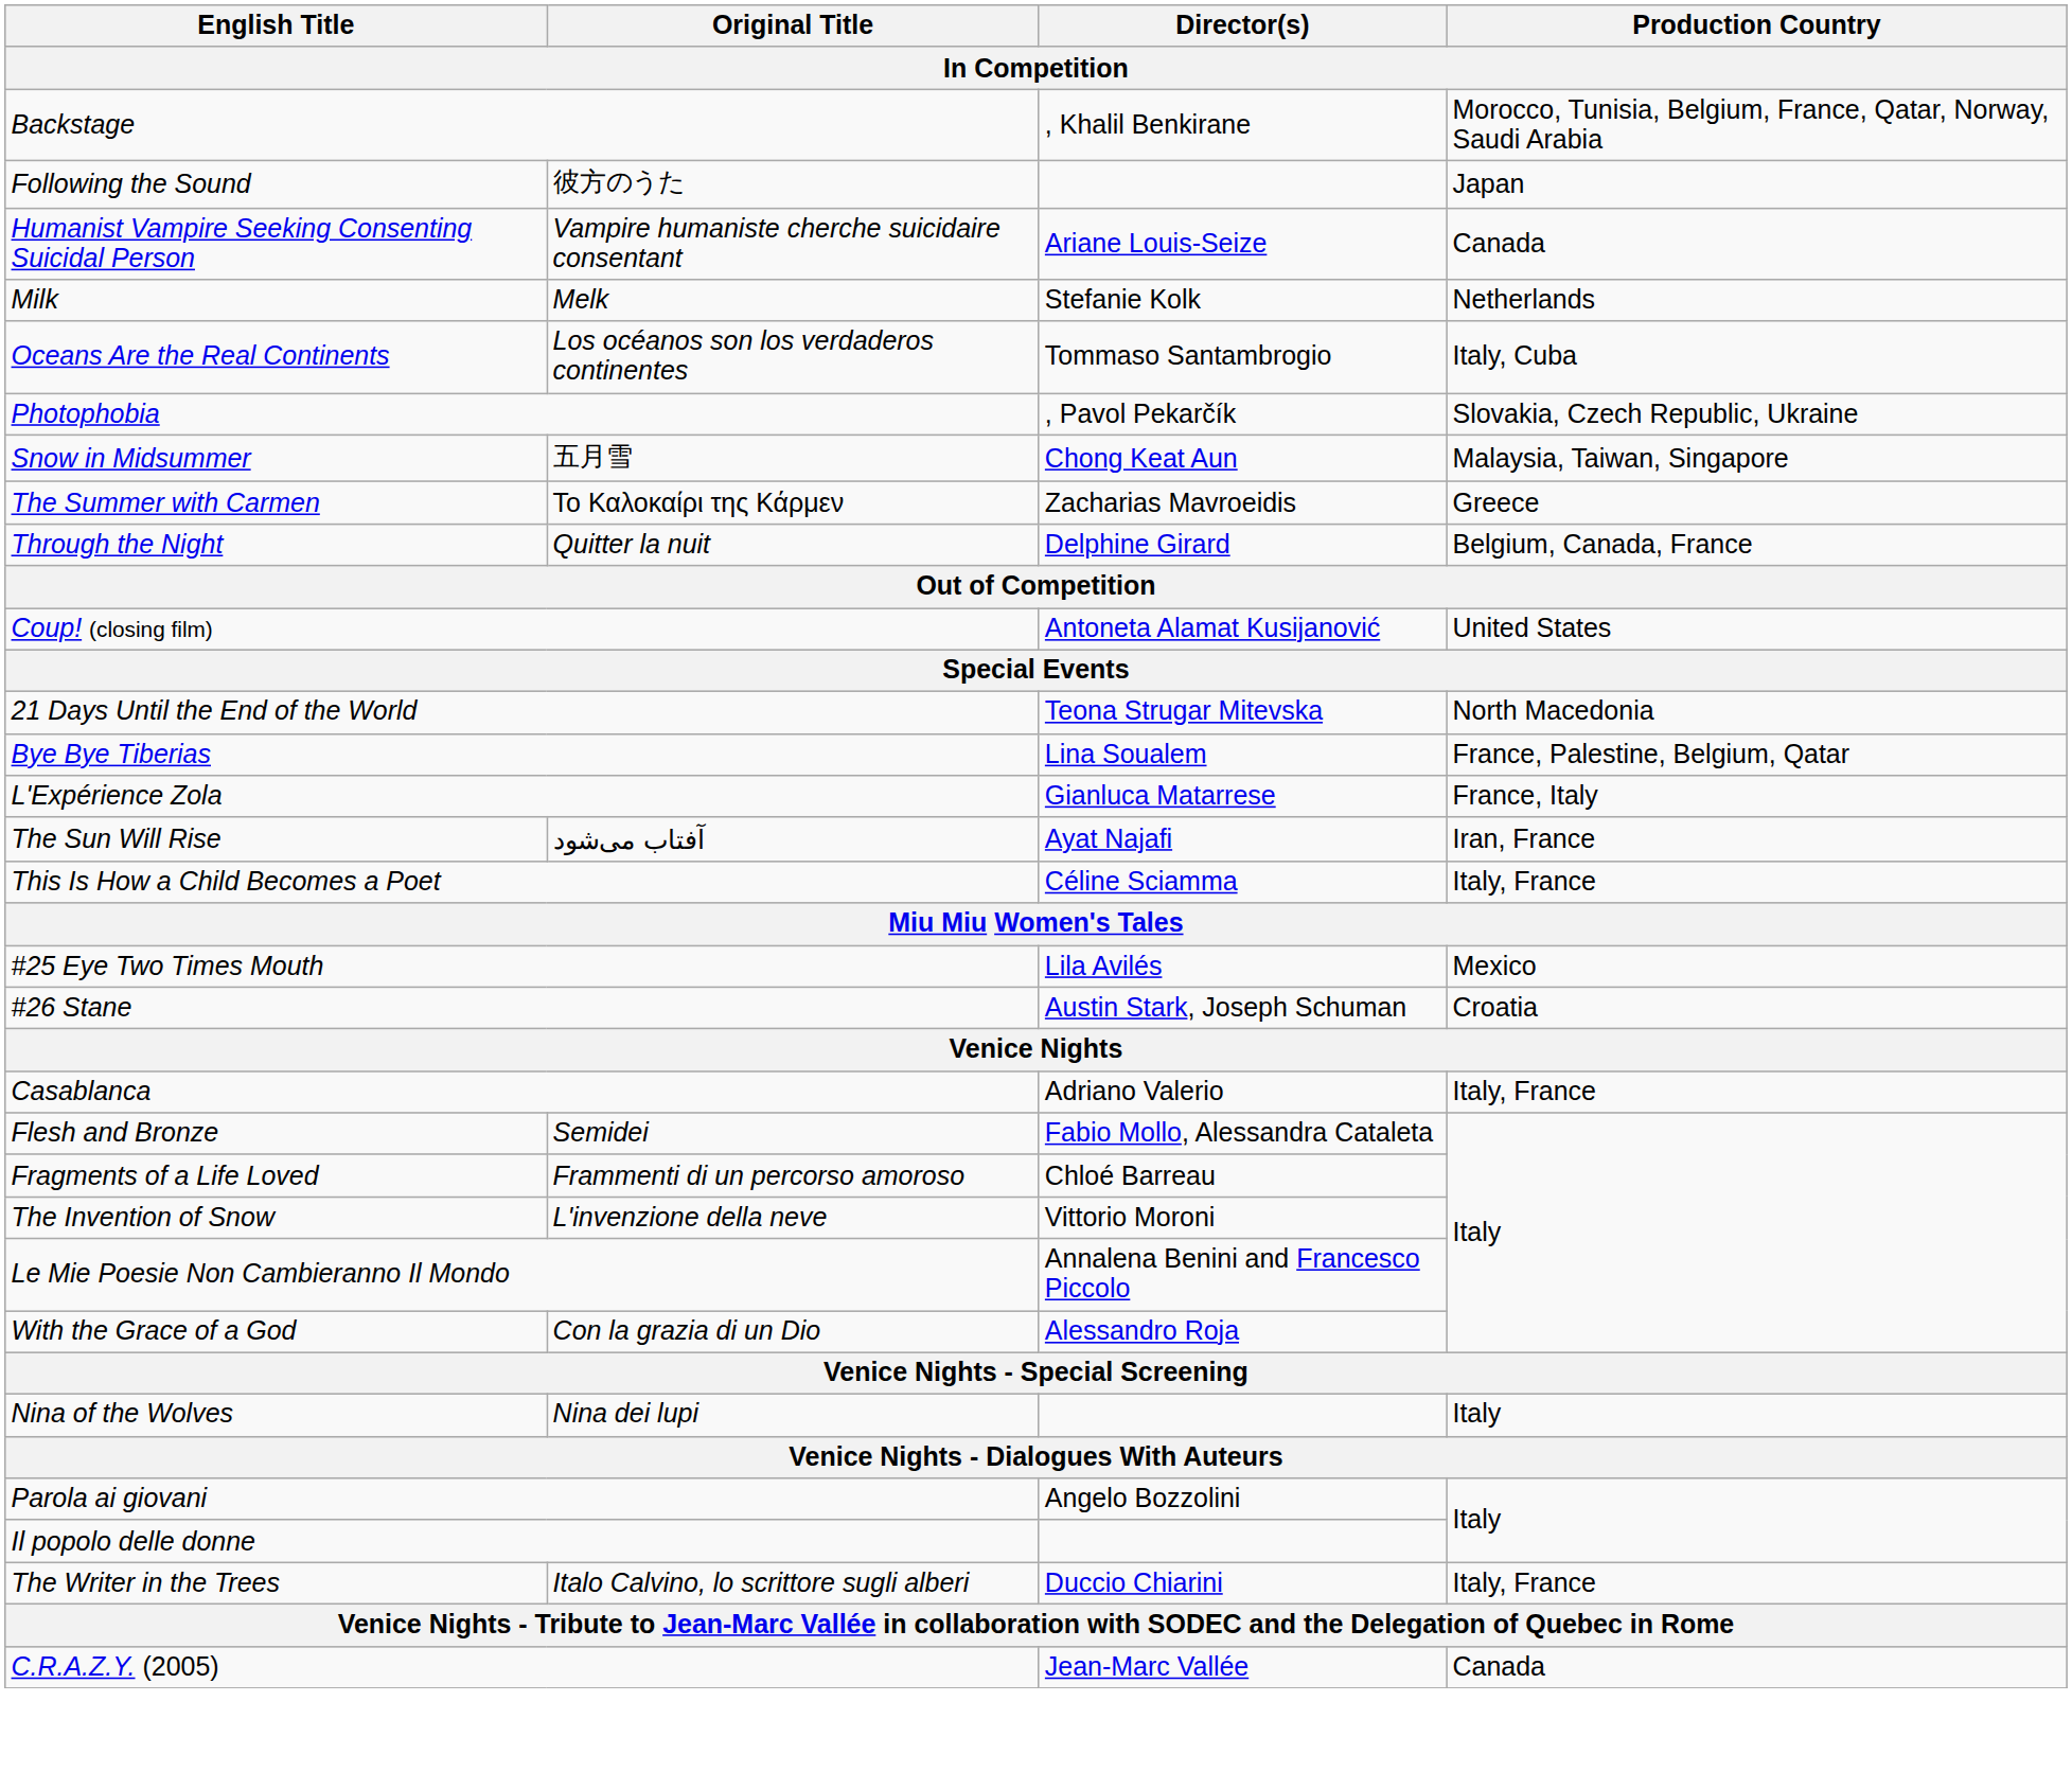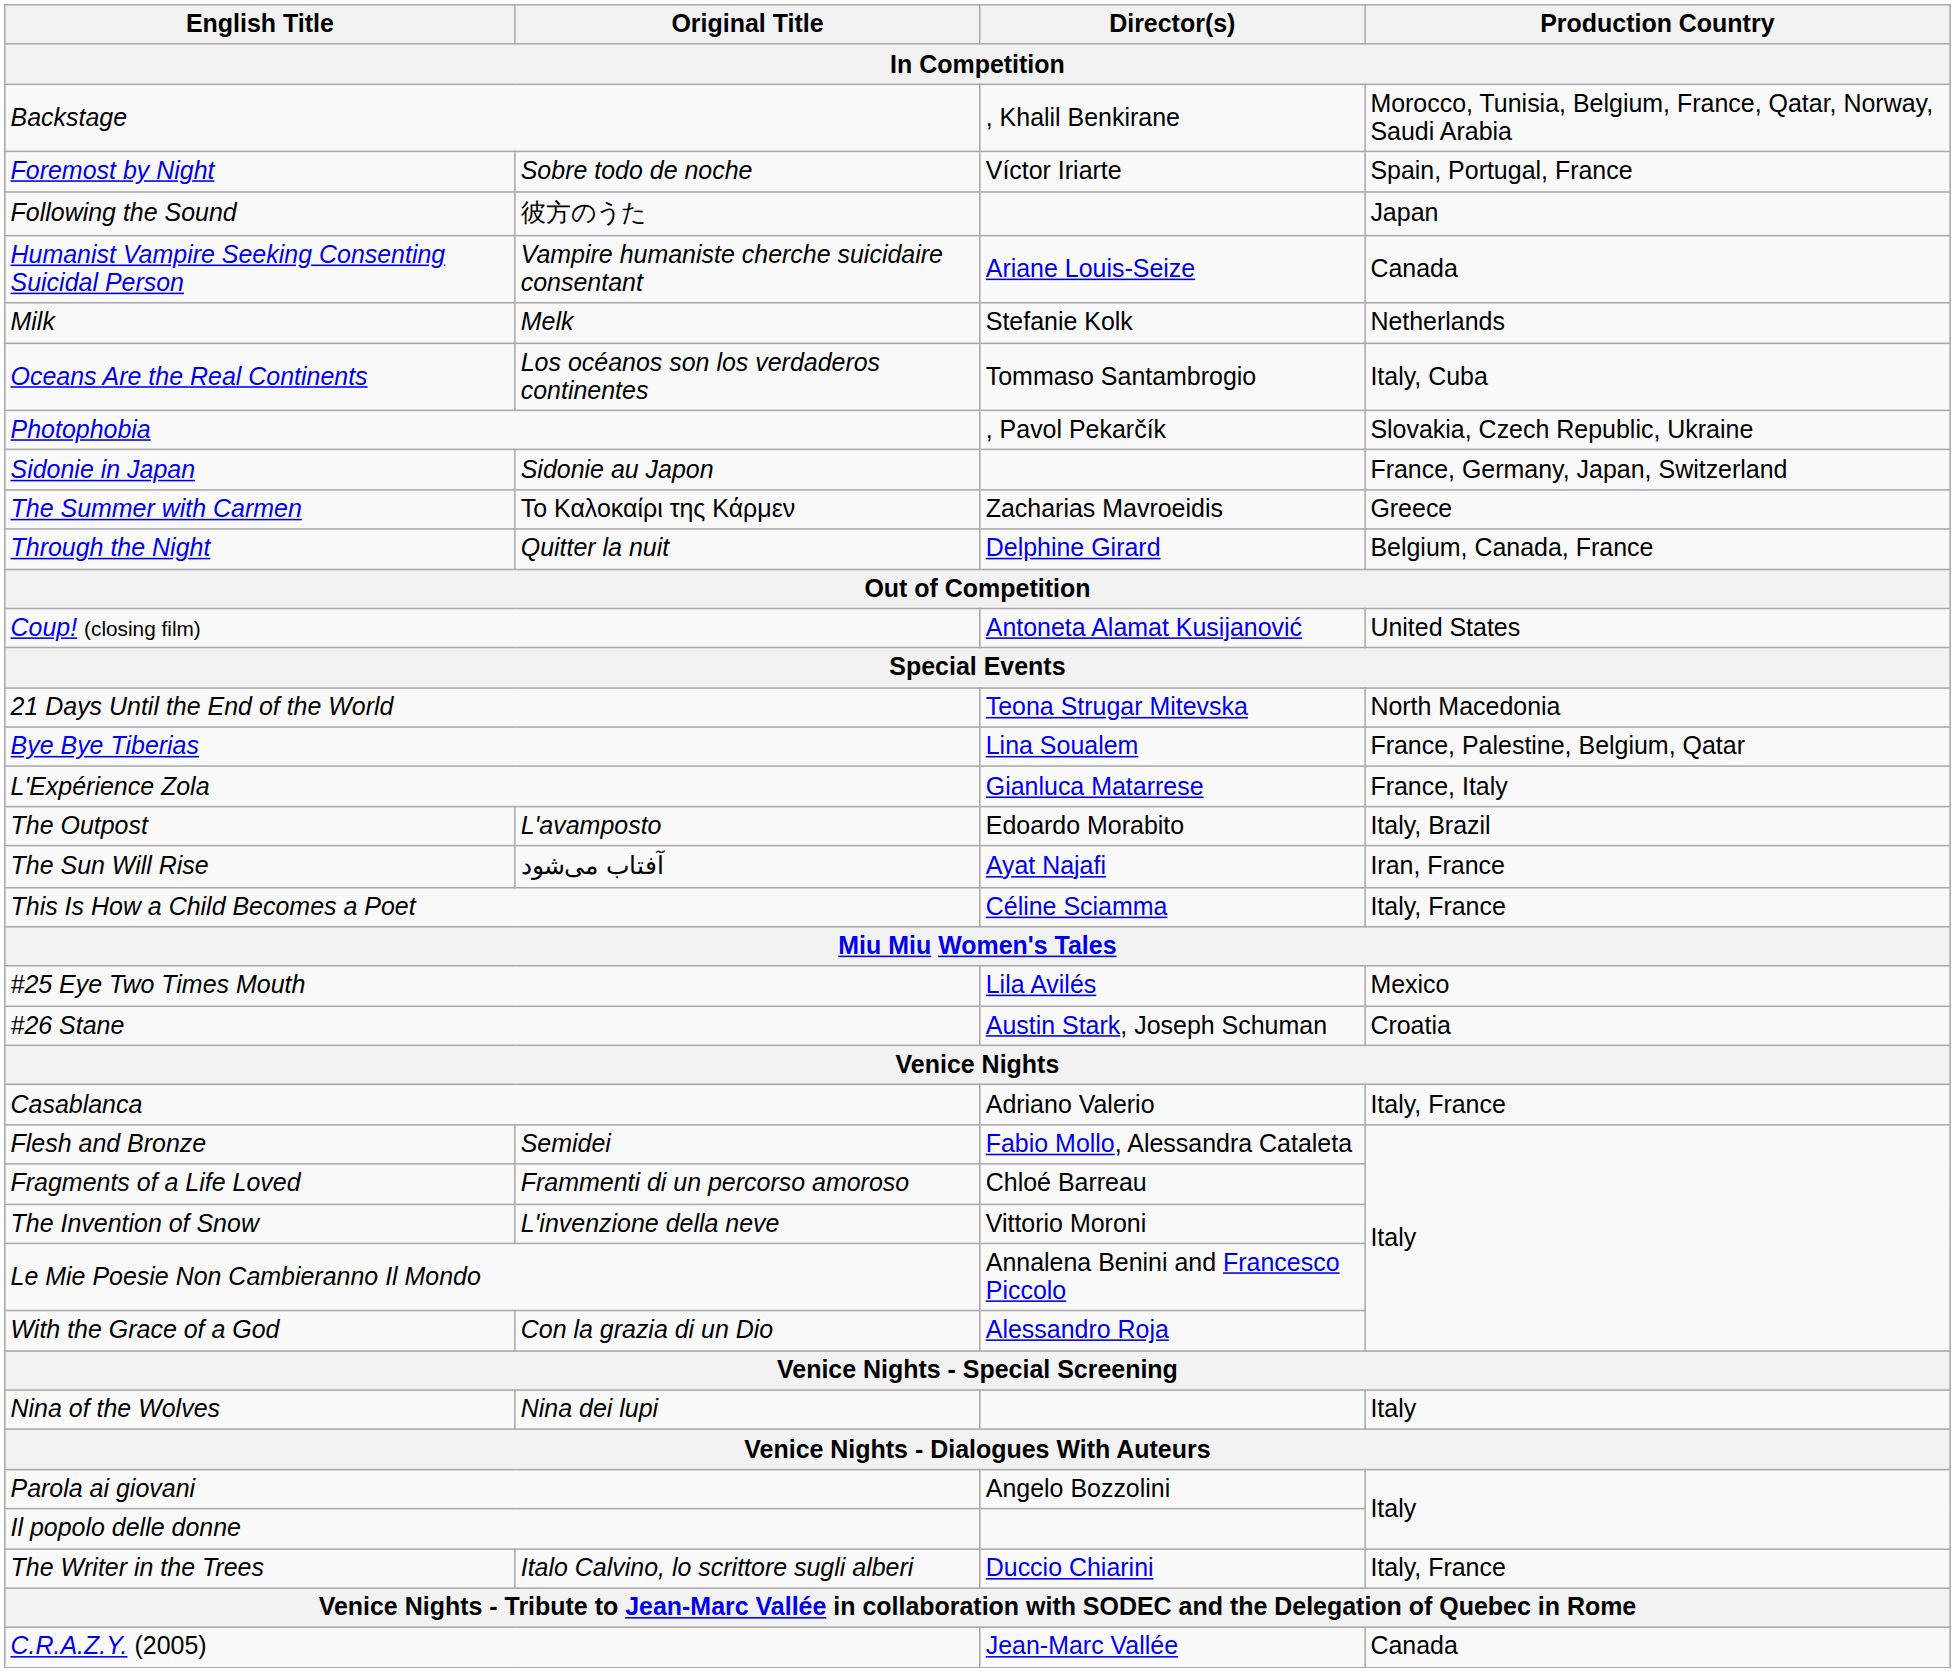 <table class="wikitable">
 <tr>
 <th>English Title</th>
 <th>Original Title</th>
 <th>Director(s)</th>
 <th>Production Country</th>
 </tr>
 <tr>
 <th colspan="4">In Competition</th>
 </tr>
 <tr>
 <td colspan="2"><em>Backstage</em></td>
 <td>, Khalil Benkirane</td>
 <td>Morocco, Tunisia, Belgium, France, Qatar, Norway, Saudi Arabia</td>
+</tr>
+<tr>
+<td><em><a href='#'>Foremost by Night</a></em></td>
+<td><em>Sobre todo de noche</em></td>
+<td>Víctor Iriarte</td>
+<td>Spain, Portugal, France</td>
 </tr>
 <tr>
 <td><em>Following the Sound</em></td>
 <td>彼方のうた</td>
 <td></td>
 <td>Japan</td>
 </tr>
 <tr>
 <td><em><a href='#'>Humanist Vampire Seeking Consenting Suicidal Person</a></em></td>
 <td><em>Vampire humaniste cherche suicidaire consentant</em></td>
 <td><a href='#'>Ariane Louis-Seize</a></td>
 <td>Canada</td>
 </tr>
 <tr>
 <td><em>Milk</em></td>
 <td><em>Melk</em></td>
 <td>Stefanie Kolk</td>
 <td>Netherlands</td>
 </tr>
 <tr>
 <td><em><a href='#'>Oceans Are the Real Continents</a></em></td>
 <td><em>Los océanos son los verdaderos continentes</em></td>
 <td>Tommaso Santambrogio</td>
 <td>Italy, Cuba</td>
 </tr>
 <tr>
 <td colspan="2"><em><a href='#'>Photophobia</a></em></td>
 <td>, Pavol Pekarčík</td>
 <td>Slovakia, Czech Republic, Ukraine</td>
 </tr>
 <tr>
-<td><em><a href='#'>Snow in Midsummer</a></em></td>
-<td>五月雪</td>
-<td><a href='#'>Chong Keat Aun</a></td>
-<td>Malaysia, Taiwan, Singapore</td>
+<td><em><a href='#'>Sidonie in Japan</a></em></td>
+<td><em>Sidonie au Japon</em></td>
+<td></td>
+<td>France, Germany, Japan, Switzerland</td>
 </tr>
 <tr>
 <td><em><a href='#'>The Summer with Carmen</a></em></td>
 <td>Το Καλοκαίρι της Κάρμεν</td>
 <td>Zacharias Mavroeidis</td>
 <td>Greece</td>
 </tr>
 <tr>
 <td><em><a href='#'>Through the Night</a></em></td>
 <td><em>Quitter la nuit</em></td>
 <td><a href='#'>Delphine Girard</a></td>
 <td>Belgium, Canada, France</td>
 </tr>
 <tr>
 <th colspan="4">Out of Competition</th>
 </tr>
 <tr>
 <td colspan="2"><em><a href='#'>Coup!</a></em> <small>(closing film)</small></td>
 <td><a href='#'>Antoneta Alamat Kusijanović</a></td>
 <td>United States</td>
 </tr>
 <tr>
 <th colspan="4">Special Events</th>
 </tr>
 <tr>
 <td colspan="2"><em>21 Days Until the End of the World</em></td>
 <td><a href='#'>Teona Strugar Mitevska</a></td>
 <td>North Macedonia</td>
 </tr>
 <tr>
 <td colspan="2"><em><a href='#'>Bye Bye Tiberias</a></em></td>
 <td><a href='#'>Lina Soualem</a></td>
 <td>France, Palestine, Belgium, Qatar</td>
 </tr>
 <tr>
 <td colspan="2"><em>L'Expérience Zola</em></td>
 <td><a href='#'>Gianluca Matarrese</a></td>
 <td>France, Italy</td>
+</tr>
+<tr>
+<td><em>The Outpost</em></td>
+<td><em>L'avamposto</em></td>
+<td>Edoardo Morabito</td>
+<td>Italy, Brazil</td>
 </tr>
 <tr>
 <td><em>The Sun Will Rise</em></td>
 <td>آفتاب می‌شود</td>
 <td><a href='#'>Ayat Najafi</a></td>
 <td>Iran, France</td>
 </tr>
 <tr>
 <td colspan="2"><em>This Is How a Child Becomes a Poet</em></td>
 <td><a href='#'>Céline Sciamma</a></td>
 <td>Italy, France</td>
 </tr>
 <tr>
 <th colspan="4"><a href='#'>Miu Miu</a> <a href='#'>Women's Tales</a></th>
 </tr>
 <tr>
 <td colspan="2"><em>#25 Eye Two Times Mouth</em></td>
 <td><a href='#'>Lila Avilés</a></td>
 <td>Mexico</td>
 </tr>
 <tr>
 <td colspan="2"><em>#26 Stane</em></td>
 <td><a href='#'>Austin Stark</a>, Joseph Schuman</td>
 <td>Croatia</td>
 </tr>
 <tr>
 <th colspan="4">Venice Nights</th>
 </tr>
 <tr>
 <td colspan="2"><em>Casablanca</em></td>
 <td>Adriano Valerio</td>
 <td>Italy, France</td>
 </tr>
 <tr>
 <td><em>Flesh and Bronze</em></td>
 <td><em>Semidei</em></td>
 <td><a href='#'>Fabio Mollo</a>, Alessandra Cataleta</td>
 <td rowspan="5">Italy</td>
 </tr>
 <tr>
 <td><em>Fragments of a Life Loved</em></td>
 <td><em>Frammenti di un percorso amoroso</em></td>
 <td>Chloé Barreau</td>
 </tr>
 <tr>
 <td><em>The Invention of Snow</em></td>
 <td><em>L'invenzione della neve</em></td>
 <td>Vittorio Moroni</td>
 </tr>
 <tr>
 <td colspan="2"><em>Le Mie Poesie Non Cambieranno Il Mondo</em></td>
 <td>Annalena Benini and <a href='#'>Francesco Piccolo</a></td>
 </tr>
 <tr>
 <td><em>With the Grace of a God</em></td>
 <td><em>Con la grazia di un Dio</em></td>
 <td><a href='#'>Alessandro Roja</a></td>
 </tr>
 <tr>
 <th colspan="4">Venice Nights - Special Screening</th>
 </tr>
 <tr>
 <td><em>Nina of the Wolves</em></td>
 <td><em>Nina dei lupi</em></td>
 <td></td>
 <td>Italy</td>
 </tr>
 <tr>
 <th colspan="4">Venice Nights - Dialogues With Auteurs</th>
 </tr>
 <tr>
 <td colspan="2"><em>Parola ai giovani</em></td>
 <td>Angelo Bozzolini</td>
 <td rowspan="2">Italy</td>
 </tr>
 <tr>
 <td colspan="2"><em>Il popolo delle donne</em></td>
 <td></td>
 </tr>
 <tr>
 <td><em>The Writer in the Trees</em></td>
 <td><em>Italo Calvino, lo scrittore sugli alberi</em></td>
 <td><a href='#'>Duccio Chiarini</a></td>
 <td>Italy, France</td>
 </tr>
 <tr>
 <th colspan="4">Venice Nights - Tribute to <a href='#'>Jean-Marc Vallée</a> in collaboration with SODEC and the Delegation of Quebec in Rome</th>
 </tr>
 <tr>
 <td colspan="2"><em><a href='#'>C.R.A.Z.Y.</a></em> (2005)</td>
 <td><a href='#'>Jean-Marc Vallée</a></td>
 <td>Canada</td>
 </tr>
 </table>
